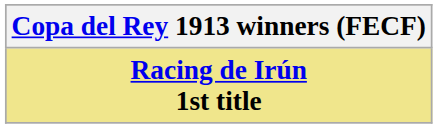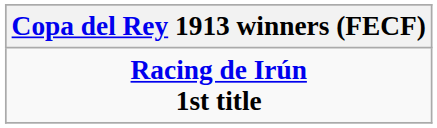 <table class="wikitable" style="text-align: center; margin: 0 auto;">
 <tr>
 <th><a href='#'>Copa del Rey</a> 1913 winners (FECF)</th>
 </tr>
 <tr>
-<td style="background: khaki;"><strong><a href='#'>Racing de Irún</a></strong><br><strong>1st title</strong></td>
+<td><strong><a href='#'>Racing de Irún</a></strong><br><strong>1st title</strong></td>
 </tr>
 </table>
